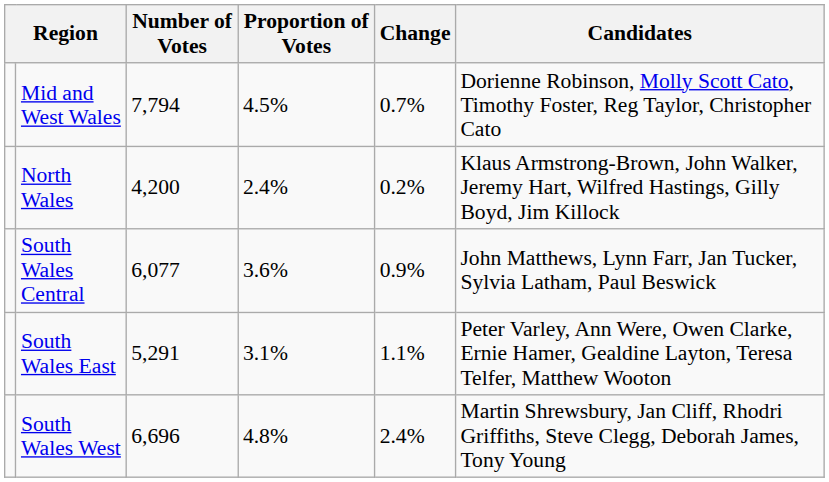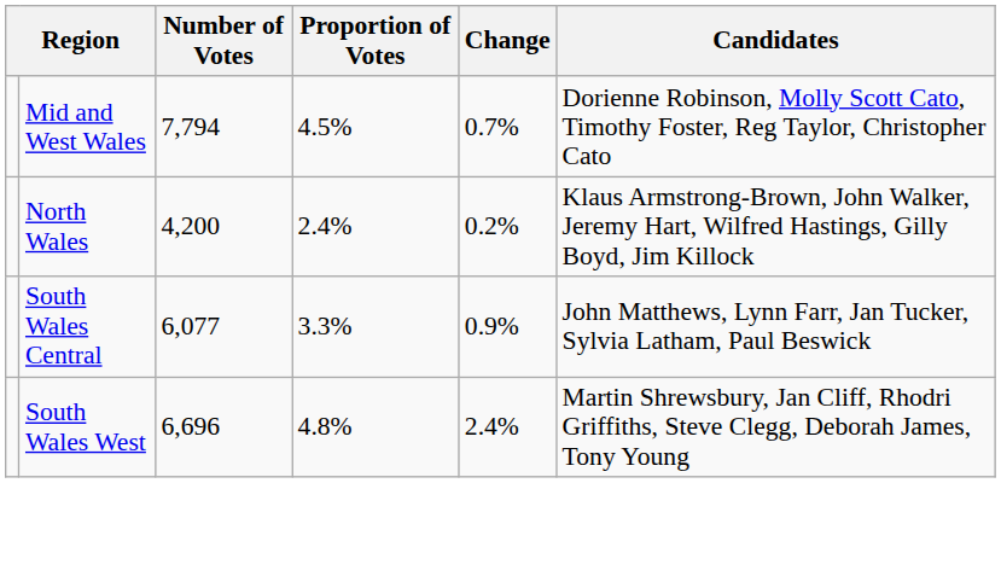 <table class="wikitable">
 <tr>
 <th colspan="2">Region</th>
 <th>Number of Votes</th>
 <th>Proportion of Votes</th>
 <th>Change</th>
 <th>Candidates</th>
 </tr>
 <tr>
 <td width="1" style="color:inherit;background:"></td>
 <td><a href='#'>Mid and West Wales</a></td>
 <td>7,794</td>
 <td>4.5%</td>
 <td>0.7%</td>
 <td>Dorienne Robinson, <a href='#'>Molly Scott Cato</a>, Timothy Foster, Reg Taylor, Christopher Cato</td>
 </tr>
 <tr>
 <td style="color:inherit;background:"></td>
 <td><a href='#'>North Wales</a></td>
 <td>4,200</td>
 <td>2.4%</td>
 <td>0.2%</td>
 <td>Klaus Armstrong-Brown, John Walker, Jeremy Hart, Wilfred Hastings, Gilly Boyd, Jim Killock</td>
 </tr>
 <tr>
 <td style="color:inherit;background:"></td>
 <td><a href='#'>South Wales Central</a></td>
 <td>6,077</td>
-<td>3.6%</td>
+<td>3.3%</td>
 <td>0.9%</td>
 <td>John Matthews, Lynn Farr, Jan Tucker, Sylvia Latham, Paul Beswick</td>
-</tr>
-<tr>
-<td style="color:inherit;background:"></td>
-<td><a href='#'>South Wales East</a></td>
-<td>5,291</td>
-<td>3.1%</td>
-<td>1.1%</td>
-<td>Peter Varley, Ann Were, Owen Clarke, Ernie Hamer, Gealdine Layton, Teresa Telfer, Matthew Wooton</td>
 </tr>
 <tr>
 <td style="color:inherit;background:"></td>
 <td><a href='#'>South Wales West</a></td>
 <td>6,696</td>
 <td>4.8%</td>
 <td>2.4%</td>
 <td>Martin Shrewsbury, Jan Cliff, Rhodri Griffiths, Steve Clegg, Deborah James, Tony Young</td>
 </tr>
 </table>
